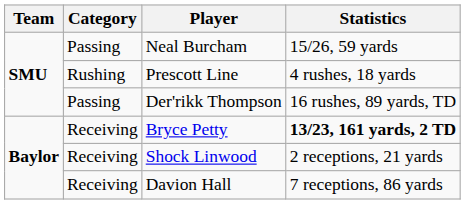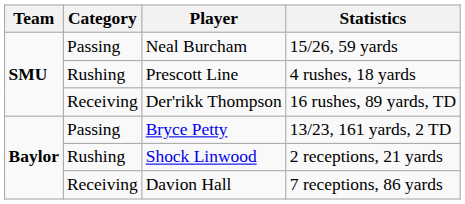 <table class="wikitable" style="float: left;">
 <tr>
 <th>Team</th>
 <th>Category</th>
 <th>Player</th>
 <th>Statistics</th>
 </tr>
 <tr>
 <td rowspan=3><strong>SMU</strong></td>
 <td>Passing</td>
 <td>Neal Burcham</td>
 <td>15/26, 59 yards</td>
 </tr>
 <tr>
 <td>Rushing</td>
 <td>Prescott Line</td>
 <td>4 rushes, 18 yards</td>
 </tr>
 <tr>
-<td>Passing</td>
+<td>Receiving</td>
 <td>Der'rikk Thompson</td>
 <td>16 rushes, 89 yards, TD</td>
 </tr>
 <tr>
 <td rowspan=3><strong>Baylor</strong></td>
-<td>Receiving</td>
+<td>Passing</td>
 <td><a href='#'>Bryce Petty</a></td>
-<td><strong>13/23, 161 yards, 2 TD</strong></td>
+<td>13/23, 161 yards, 2 TD</td>
 </tr>
 <tr>
-<td>Receiving</td>
+<td>Rushing</td>
 <td><a href='#'>Shock Linwood</a></td>
 <td>2 receptions, 21 yards</td>
 </tr>
 <tr>
 <td>Receiving</td>
 <td>Davion Hall</td>
 <td>7 receptions, 86 yards</td>
 </tr>
 </table>
